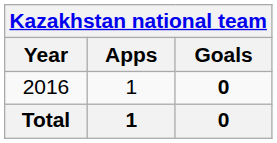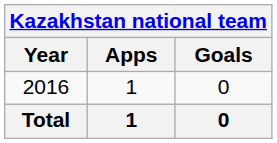 <table class="wikitable" style="text-align:center">
 <tr>
 <th colspan=3><a href='#'>Kazakhstan national team</a></th>
 </tr>
 <tr>
 <th>Year</th>
 <th>Apps</th>
 <th>Goals</th>
 </tr>
 <tr>
 <td>2016</td>
 <td>1</td>
-<td><strong>0</strong></td>
+<td>0</td>
 </tr>
 <tr>
 <th>Total</th>
 <th>1</th>
 <th>0</th>
 </tr>
 </table>
